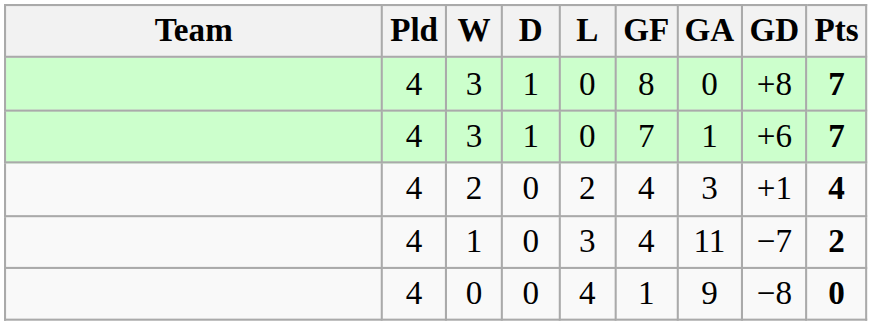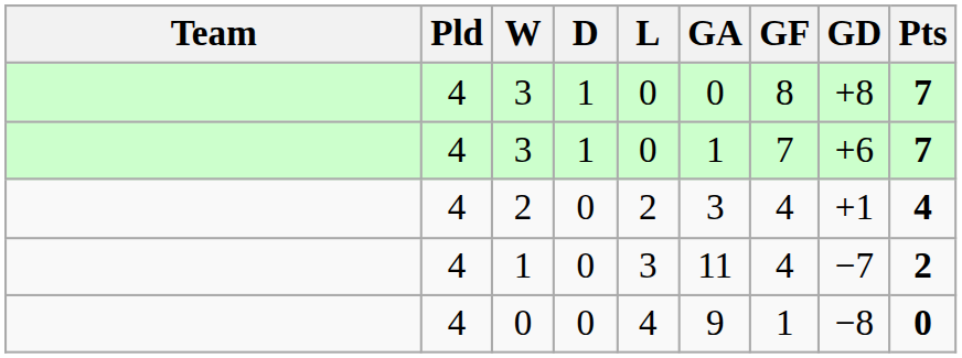 <table class="wikitable" style="text-align:center;">
 <tr>
 <th width=175>Team</th>
 <th style="width:20px;" abbr="Played">Pld</th>
 <th style="width:20px;" abbr="Won">W</th>
 <th style="width:20px;" abbr="Drawn">D</th>
 <th style="width:20px;" abbr="Lost">L</th>
+<th style="width:20px;" abbr="Goals against">GA</th>
 <th style="width:20px;" abbr="Goals for">GF</th>
-<th style="width:20px;" abbr="Goals against">GA</th>
 <th style="width:20px;" abbr="Goal difference">GD</th>
 <th style="width:20px;" abbr="Points">Pts</th>
 </tr>
 <tr bgcolor="#ccffcc">
 <td align=left></td>
 <td>4</td>
 <td>3</td>
 <td>1</td>
 <td>0</td>
+<td>0</td>
 <td>8</td>
-<td>0</td>
 <td>+8</td>
 <td><strong>7</strong></td>
 </tr>
 <tr bgcolor="#ccffcc">
 <td align=left></td>
 <td>4</td>
 <td>3</td>
 <td>1</td>
 <td>0</td>
+<td>1</td>
 <td>7</td>
-<td>1</td>
 <td>+6</td>
 <td><strong>7</strong></td>
 </tr>
 <tr>
 <td align=left></td>
 <td>4</td>
 <td>2</td>
 <td>0</td>
 <td>2</td>
+<td>3</td>
 <td>4</td>
-<td>3</td>
 <td>+1</td>
 <td><strong>4</strong></td>
 </tr>
 <tr>
 <td align=left></td>
 <td>4</td>
 <td>1</td>
 <td>0</td>
 <td>3</td>
+<td>11</td>
 <td>4</td>
-<td>11</td>
 <td>−7</td>
 <td><strong>2</strong></td>
 </tr>
 <tr>
 <td align=left></td>
 <td>4</td>
 <td>0</td>
 <td>0</td>
 <td>4</td>
+<td>9</td>
 <td>1</td>
-<td>9</td>
 <td>−8</td>
 <td><strong>0</strong></td>
 </tr>
 </table>
